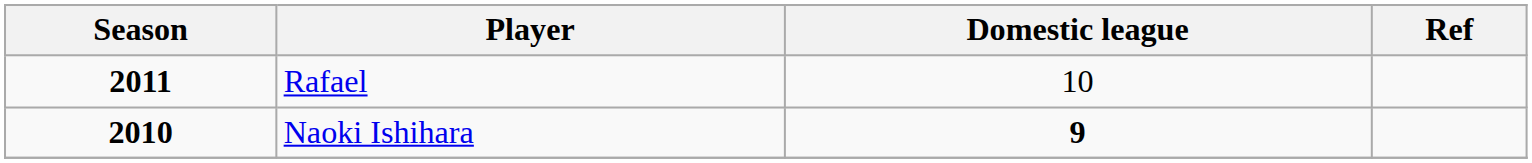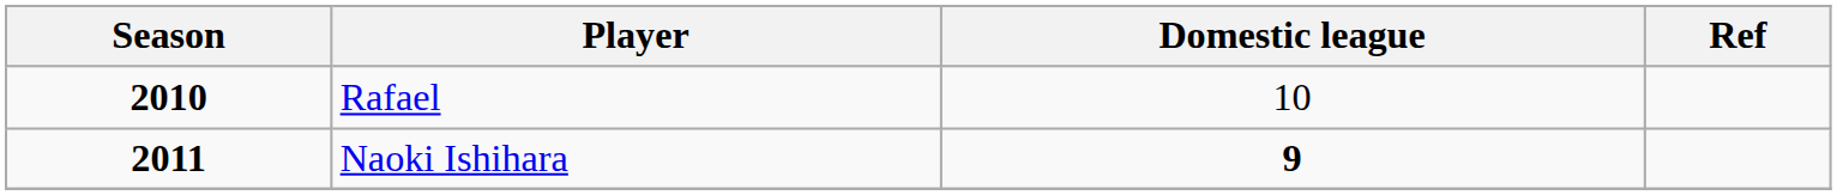 <table class="wikitable sortable" style="width:60%; align:center; text-align:center">
 <tr>
 <th>Season</th>
 <th class="unsortable">Player</th>
 <th>Domestic league</th>
 <th>Ref</th>
 </tr>
 <tr>
-<td><strong>2011</strong></td>
+<td><strong>2010</strong></td>
 <td align="left"> <a href='#'>Rafael</a></td>
 <td>10</td>
 <td></td>
 </tr>
 <tr>
-<td><strong>2010</strong></td>
+<td><strong>2011</strong></td>
 <td align="left"> <a href='#'>Naoki Ishihara</a></td>
 <td><strong>9</strong></td>
 <td></td>
 </tr>
 <tr>
 </tr>
 </table>
